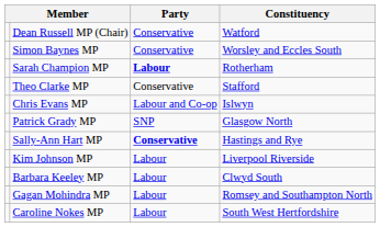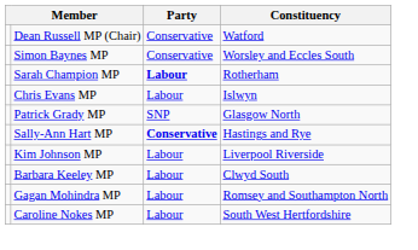 <table class="wikitable">
 <tr>
 <th colspan="2" valign="top">Member</th>
 <th valign="top">Party</th>
 <th valign="top">Constituency</th>
 </tr>
 <tr>
 <td style="color:inherit;background:"></td>
 <td><a href='#'>Dean Russell</a> MP (Chair)</td>
 <td><a href='#'>Conservative</a></td>
 <td><a href='#'>Watford</a></td>
 </tr>
 <tr>
 <td style="color:inherit;background:"></td>
 <td><a href='#'>Simon Baynes</a> MP</td>
 <td><a href='#'>Conservative</a></td>
 <td><a href='#'>Worsley and Eccles South</a></td>
 </tr>
 <tr>
 <td style="color:inherit;background:"></td>
 <td><a href='#'>Sarah Champion</a> MP</td>
 <td><strong><a href='#'>Labour</a></strong></td>
 <td><a href='#'>Rotherham</a></td>
 </tr>
 <tr>
 <td style="color:inherit;background:"></td>
-<td><a href='#'>Theo Clarke</a> MP</td>
-<td>Conservative</td>
-<td><a href='#'>Stafford</a></td>
-</tr>
-<tr>
-<td style="color:inherit;background:"></td>
 <td><a href='#'>Chris Evans</a> MP</td>
-<td><a href='#'>Labour and Co-op</a></td>
+<td><a href='#'>Labour</a></td>
 <td><a href='#'>Islwyn</a></td>
 </tr>
 <tr>
 <td style="color:inherit;background:"></td>
 <td><a href='#'>Patrick Grady</a> MP</td>
 <td><a href='#'>SNP</a></td>
 <td><a href='#'>Glasgow North</a></td>
 </tr>
 <tr>
 <td style="color:inherit;background:"></td>
 <td><a href='#'>Sally-Ann Hart</a> MP</td>
 <td><strong><a href='#'>Conservative</a></strong></td>
 <td><a href='#'>Hastings and Rye</a></td>
 </tr>
 <tr>
 <td style="color:inherit;background:"></td>
 <td><a href='#'>Kim Johnson</a> MP</td>
 <td><a href='#'>Labour</a></td>
 <td><a href='#'>Liverpool Riverside</a></td>
 </tr>
 <tr>
 <td style="color:inherit;background:"></td>
 <td><a href='#'>Barbara Keeley</a> MP</td>
 <td><a href='#'>Labour</a></td>
 <td><a href='#'>Clwyd South</a></td>
 </tr>
 <tr>
 <td style="color:inherit;background:"></td>
 <td><a href='#'>Gagan Mohindra</a> MP</td>
 <td><a href='#'>Labour</a></td>
 <td><a href='#'>Romsey and Southampton North</a></td>
 </tr>
 <tr>
 <td style="color:inherit;background:"></td>
 <td><a href='#'>Caroline Nokes</a> MP</td>
 <td><a href='#'>Labour</a></td>
 <td><a href='#'>South West Hertfordshire</a></td>
 </tr>
 </table>
